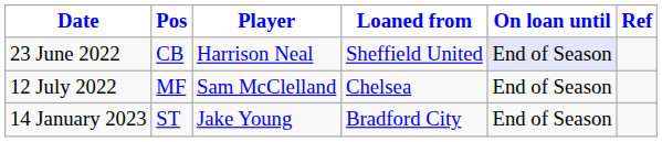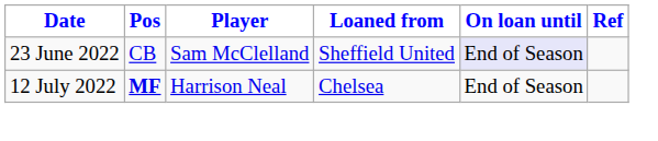 <table class="wikitable plainrowheaders sortable">
 <tr>
 <th style="background:#FFFFFF; color:#0000FF; ">Date</th>
 <th style="background:#FFFFFF; color:#0000ff; ">Pos</th>
 <th style="background:#FFFFFF; color:#0000ff; ">Player</th>
 <th style="background:#FFFFFF; color:#0000ff; ">Loaned from</th>
 <th style="background:#FFFFFF; color:#0000ff; ">On loan until</th>
 <th style="background:#FFFFFF; color:#0000ff; ">Ref</th>
 </tr>
 <tr>
 <td>23 June 2022</td>
 <td><a href='#'>CB</a></td>
-<td> <a href='#'>Harrison Neal</a></td>
+<td> <a href='#'>Sam McClelland</a></td>
 <td> <a href='#'>Sheffield United</a></td>
 <td style="background: lavender;">End of Season</td>
 <td></td>
 </tr>
 <tr>
 <td>12 July 2022</td>
-<td><a href='#'>MF</a></td>
-<td> <a href='#'>Sam McClelland</a></td>
+<td><strong><a href='#'>MF</a></strong></td>
+<td> <a href='#'>Harrison Neal</a></td>
 <td> <a href='#'>Chelsea</a></td>
 <td>End of Season</td>
 <td></td>
 </tr>
-<tr>
-<td>14 January 2023</td>
-<td><a href='#'>ST</a></td>
-<td> <a href='#'>Jake Young</a></td>
-<td> <a href='#'>Bradford City</a></td>
-<td>End of Season</td>
-<td></td>
-</tr>
 </table>
